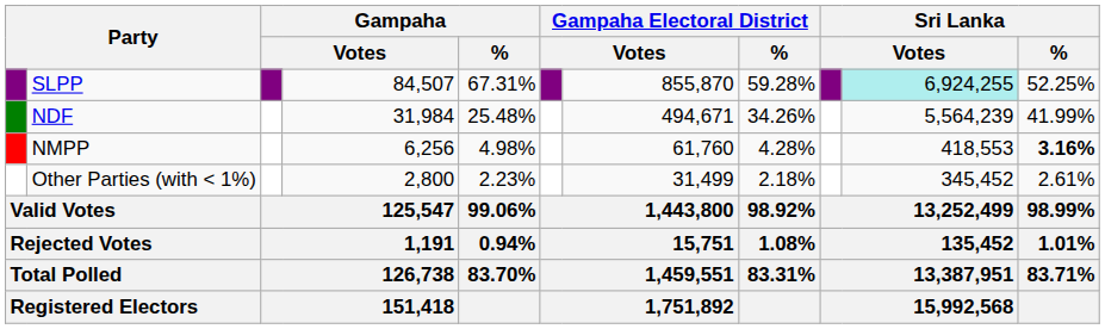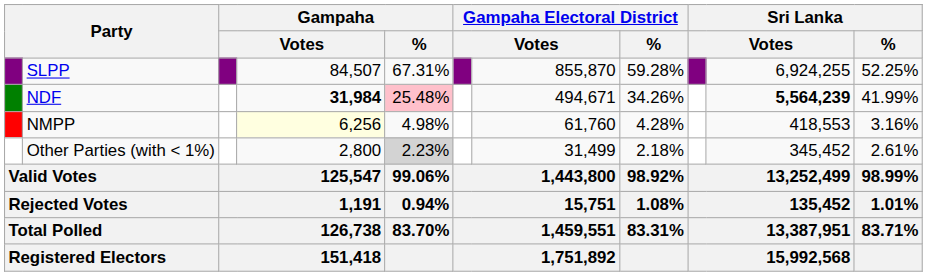 <table class="wikitable">
 <tr>
 <th colspan="2" width="144px"rowspan="2">Party</th>
 <th colspan="3" width="216px">Gampaha</th>
 <th colspan="3" width="216px"><a href='#'>Gampaha Electoral District</a></th>
 <th colspan="3" width="216px">Sri Lanka</th>
 </tr>
 <tr>
 <th colspan="2" width="144px">Votes</th>
 <th>%</th>
 <th colspan="2" width="144px">Votes</th>
 <th>%</th>
 <th colspan="2" width="144px">Votes</th>
 <th>%</th>
 </tr>
 <tr>
 <td style="background-color:purple;" width="10px"></td>
 <td style="text-align:left;"><a href='#'>SLPP</a></td>
 <td style="background-color:purple;" width="10px"></td>
 <td style="text-align:right;">84,507</td>
 <td style="text-align:right;">67.31%</td>
 <td style="background-color:purple;" width="10px"></td>
 <td style="text-align:right;">855,870</td>
 <td style="text-align:right;">59.28%</td>
 <td style="background-color:purple;" width="10px"></td>
-<td style="background: paleturquoise; text-align:right;">6,924,255</td>
+<td style="text-align:right;">6,924,255</td>
 <td style="text-align:right;">52.25%</td>
 </tr>
 <tr>
 <td style="background-color:green;" width="10px"></td>
 <td style="text-align:left;"><a href='#'>NDF</a></td>
 <td style="background-color:white;" width="10px"></td>
-<td style="text-align:right;">31,984</td>
-<td style="text-align:right;">25.48%</td>
+<td style="text-align:right;"><strong>31,984</strong></td>
+<td style="background: pink; text-align:right;">25.48%</td>
 <td style="background-color:white;" width="10px"></td>
 <td style="text-align:right;">494,671</td>
 <td style="text-align:right;">34.26%</td>
 <td style="background-color:white;" width="10px"></td>
-<td style="text-align:right;">5,564,239</td>
+<td style="text-align:right;"><strong>5,564,239</strong></td>
 <td style="text-align:right;">41.99%</td>
 </tr>
 <tr>
 <td style="background-color:red;" width="10px"></td>
 <td style="text-align:left;">NMPP</td>
 <td style="background-color:white;" width="10px"></td>
-<td style="text-align:right;">6,256</td>
+<td style="background: lightyellow; text-align:right;">6,256</td>
 <td style="text-align:right;">4.98%</td>
 <td style="background-color:white;" width="10px"></td>
 <td style="text-align:right;">61,760</td>
 <td style="text-align:right;">4.28%</td>
 <td style="background-color:white;" width="10px"></td>
 <td style="text-align:right;">418,553</td>
-<td style="text-align:right;"><strong>3.16%</strong></td>
+<td style="text-align:right;">3.16%</td>
 </tr>
 <tr>
 <td style="background-color:white;" width="10px"></td>
 <td style="text-align:left;">Other Parties (with < 1%)</td>
 <td style="background-color:white;" width="10px"></td>
 <td style="text-align:right;">2,800</td>
-<td style="text-align:right;">2.23%</td>
+<td style="background: lightgrey; text-align:right;">2.23%</td>
 <td style="background-color:white;" width="10px"></td>
 <td style="text-align:right;">31,499</td>
 <td style="text-align:right;">2.18%</td>
 <td style="background-color:white;" width="10px"></td>
 <td style="text-align:right;">345,452</td>
 <td style="text-align:right;">2.61%</td>
 </tr>
 <tr>
 <th colspan="2" width="144px"style="text-align:left;">Valid Votes</th>
 <th style="text-align:right;"colspan="2" width="144px">125,547</th>
 <th style="text-align:right;">99.06%</th>
 <th style="text-align:right;"colspan="2" width="144px">1,443,800</th>
 <th style="text-align:right;">98.92%</th>
 <th style="text-align:right;"colspan="2" width="144px">13,252,499</th>
 <th style="text-align:right;">98.99%</th>
 </tr>
 <tr>
 <th colspan="2" width="144px"style="text-align:left;">Rejected Votes</th>
 <th style="text-align:right;"colspan="2" width="144px">1,191</th>
 <th style="text-align:right;">0.94%</th>
 <th style="text-align:right;"colspan="2" width="144px">15,751</th>
 <th style="text-align:right;">1.08%</th>
 <th style="text-align:right;"colspan="2" width="144px">135,452</th>
 <th style="text-align:right;">1.01%</th>
 </tr>
 <tr>
 <th colspan="2" width="144px"style="text-align:left;">Total Polled</th>
 <th style="text-align:right;"colspan="2" width="144px">126,738</th>
 <th style="text-align:right;">83.70%</th>
 <th style="text-align:right;"colspan="2" width="144px">1,459,551</th>
 <th style="text-align:right;">83.31%</th>
 <th style="text-align:right;"colspan="2" width="144px">13,387,951</th>
 <th style="text-align:right;">83.71%</th>
 </tr>
 <tr>
 <th colspan="2" width="144px"style="text-align:left;">Registered Electors</th>
 <th style="text-align:right;"colspan="2" width="144px">151,418</th>
 <th></th>
 <th style="text-align:right;"colspan="2" width="144px">1,751,892</th>
 <th></th>
 <th style="text-align:right;"colspan="2" width="144px">15,992,568</th>
 <th></th>
 </tr>
 </table>
